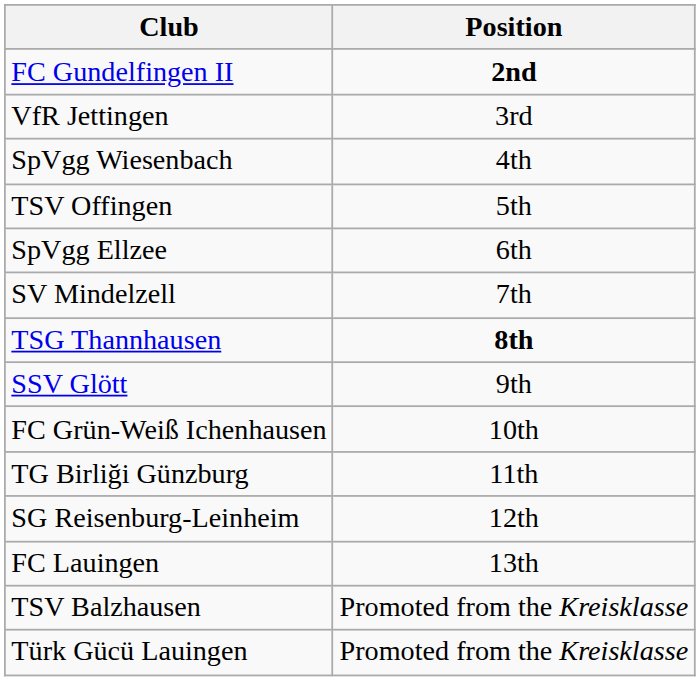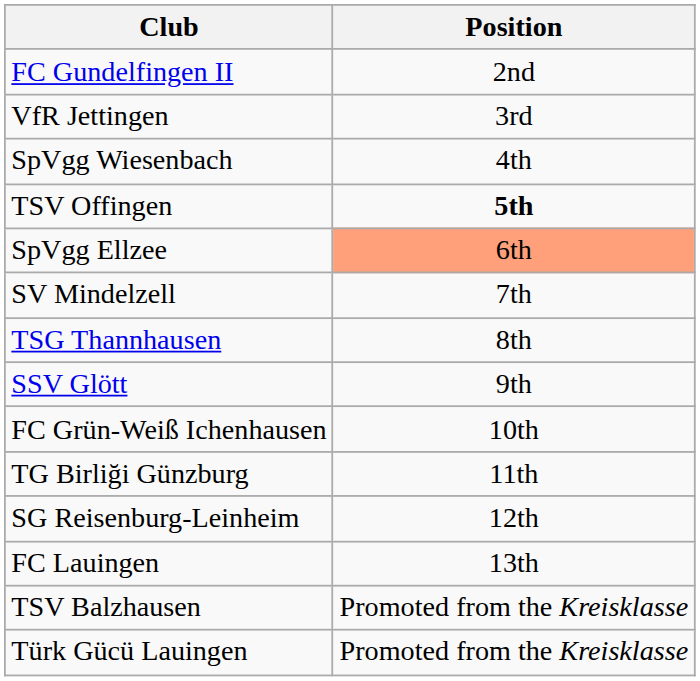 <table class="wikitable sortable" style="text-align:center">
 <tr>
 <th>Club</th>
 <th>Position</th>
 </tr>
 <tr>
 <td style="text-align:left;"><a href='#'>FC Gundelfingen II</a></td>
-<td><strong>2nd</strong></td>
+<td>2nd</td>
 </tr>
 <tr>
 <td style="text-align:left;">VfR Jettingen</td>
 <td>3rd</td>
 </tr>
 <tr>
 <td style="text-align:left;">SpVgg Wiesenbach</td>
 <td>4th</td>
 </tr>
 <tr>
 <td style="text-align:left;">TSV Offingen</td>
-<td>5th</td>
+<td><strong>5th</strong></td>
 </tr>
 <tr>
 <td style="text-align:left;">SpVgg Ellzee</td>
-<td>6th</td>
+<td style="background: lightsalmon;">6th</td>
 </tr>
 <tr>
 <td style="text-align:left;">SV Mindelzell</td>
 <td>7th</td>
 </tr>
 <tr>
 <td style="text-align:left;"><a href='#'>TSG Thannhausen</a></td>
-<td><strong>8th</strong></td>
+<td>8th</td>
 </tr>
 <tr>
 <td style="text-align:left;"><a href='#'>SSV Glött</a></td>
 <td>9th</td>
 </tr>
 <tr>
 <td style="text-align:left;">FC Grün-Weiß Ichenhausen</td>
 <td>10th</td>
 </tr>
 <tr>
 <td style="text-align:left;">TG Birliği Günzburg</td>
 <td>11th</td>
 </tr>
 <tr>
 <td style="text-align:left;">SG Reisenburg-Leinheim</td>
 <td>12th</td>
 </tr>
 <tr>
 <td style="text-align:left;">FC Lauingen</td>
 <td>13th</td>
 </tr>
 <tr>
 <td style="text-align:left;">TSV Balzhausen</td>
 <td>Promoted from the <em>Kreisklasse</em></td>
 </tr>
 <tr>
 <td style="text-align:left;">Türk Gücü Lauingen</td>
 <td>Promoted from the <em>Kreisklasse</em></td>
 </tr>
 </table>
